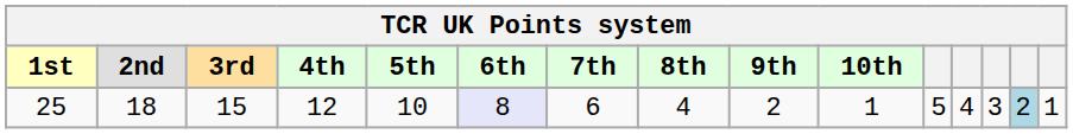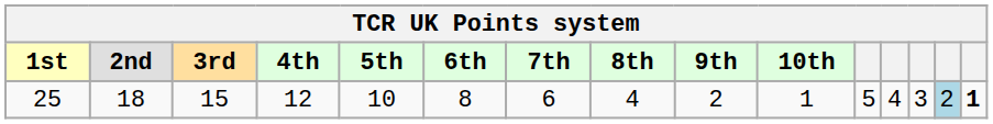 <table class="wikitable" style="font-size:85%; text-align:center">
 <tr>
 <th colspan="23">TCR UK Points system</th>
 </tr>
 <tr>
 <td style="background:#ffffbf;"> <strong>1st</strong> </td>
 <td style="background:#dfdfdf;"> <strong>2nd</strong> </td>
 <td style="background:#ffdf9f;"> <strong>3rd</strong> </td>
 <td style="background:#dfffdf;"> <strong>4th</strong> </td>
 <td style="background:#dfffdf;"> <strong>5th</strong> </td>
 <td style="background:#dfffdf;"> <strong>6th</strong> </td>
 <td style="background:#dfffdf;"> <strong>7th</strong> </td>
 <td style="background:#dfffdf;"> <strong>8th</strong> </td>
 <td style="background:#dfffdf;"> <strong>9th</strong> </td>
 <td style="background:#dfffdf;"> <strong>10th</strong> </td>
 <th></th>
 <th></th>
 <th></th>
 <th></th>
 <th></th>
 </tr>
 <tr>
 <td>25</td>
 <td>18</td>
 <td>15</td>
 <td>12</td>
 <td>10</td>
-<td style="background: lavender;">8</td>
+<td>8</td>
 <td>6</td>
 <td>4</td>
 <td>2</td>
 <td>1</td>
 <td>5</td>
 <td>4</td>
 <td>3</td>
 <td style="background: lightblue;">2</td>
-<td>1</td>
+<td><strong>1</strong></td>
 </tr>
 </table>
